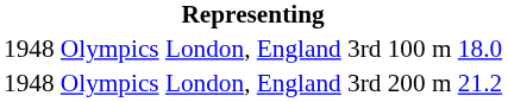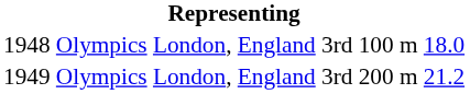 <table>
 <tr>
 <th colspan="6">Representing </th>
 </tr>
 <tr>
 <td>1948</td>
 <td><a href='#'>Olympics</a></td>
 <td><a href='#'>London</a>, <a href='#'>England</a></td>
 <td>3rd</td>
 <td>100 m</td>
 <td><a href='#'>18.0</a></td>
 </tr>
 <tr>
-<td>1948</td>
+<td>1949</td>
 <td><a href='#'>Olympics</a></td>
 <td><a href='#'>London</a>, <a href='#'>England</a></td>
 <td>3rd</td>
 <td>200 m</td>
 <td><a href='#'> 21.2</a></td>
 </tr>
 </table>
